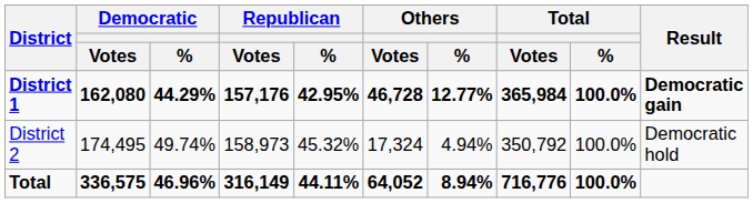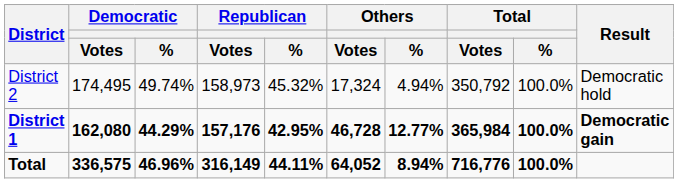 <table class="wikitable plainrowheaders sortable" style="font-size:100%; text-align:right;">
 <tr>
 <th scope=col rowspan=3><a href='#'>District</a></th>
 <th scope=col colspan=2><a href='#'>Democratic</a></th>
 <th scope=col colspan=2><a href='#'>Republican</a></th>
 <th scope=col colspan=2>Others</th>
 <th scope=col colspan=2>Total</th>
 <th scope=col rowspan=3>Result</th>
 </tr>
 <tr>
 <th scope=col colspan=2 style="background:"></th>
 <th scope=col colspan=2 style="background:"></th>
 <th scope=col colspan=2></th>
 <th scope=col colspan=2></th>
 </tr>
 <tr>
 <th scope=col data-sort-type="number">Votes</th>
 <th scope=col data-sort-type="number">%</th>
 <th scope=col data-sort-type="number">Votes</th>
 <th scope=col data-sort-type="number">%</th>
 <th scope=col data-sort-type="number">Votes</th>
 <th scope=col data-sort-type="number">%</th>
 <th scope=col data-sort-type="number">Votes</th>
 <th scope=col data-sort-type="number">%</th>
 </tr>
 <tr>
+<td align=left><a href='#'>District 2</a></td>
+<td>174,495</td>
+<td>49.74%</td>
+<td>158,973</td>
+<td>45.32%</td>
+<td>17,324</td>
+<td>4.94%</td>
+<td>350,792</td>
+<td>100.0%</td>
+<td align=left>Democratic hold</td>
+</tr>
+<tr>
 <td align=left><strong><a href='#'>District 1</a></strong></td>
 <td><strong>162,080</strong></td>
 <td><strong>44.29%</strong></td>
 <td><strong>157,176</strong></td>
 <td><strong>42.95%</strong></td>
 <td><strong>46,728</strong></td>
 <td><strong>12.77%</strong></td>
 <td><strong>365,984</strong></td>
 <td><strong>100.0%</strong></td>
 <td align=left><strong>Democratic gain</strong></td>
-</tr>
-<tr>
-<td align=left><a href='#'>District 2</a></td>
-<td>174,495</td>
-<td>49.74%</td>
-<td>158,973</td>
-<td>45.32%</td>
-<td>17,324</td>
-<td>4.94%</td>
-<td>350,792</td>
-<td>100.0%</td>
-<td align=left>Democratic hold</td>
 </tr>
 <tr class="sortbottom" style="font-weight:bold">
 <td align=left>Total</td>
 <td>336,575</td>
 <td>46.96%</td>
 <td>316,149</td>
 <td>44.11%</td>
 <td>64,052</td>
 <td>8.94%</td>
 <td>716,776</td>
 <td>100.0%</td>
 <td></td>
 </tr>
 </table>
